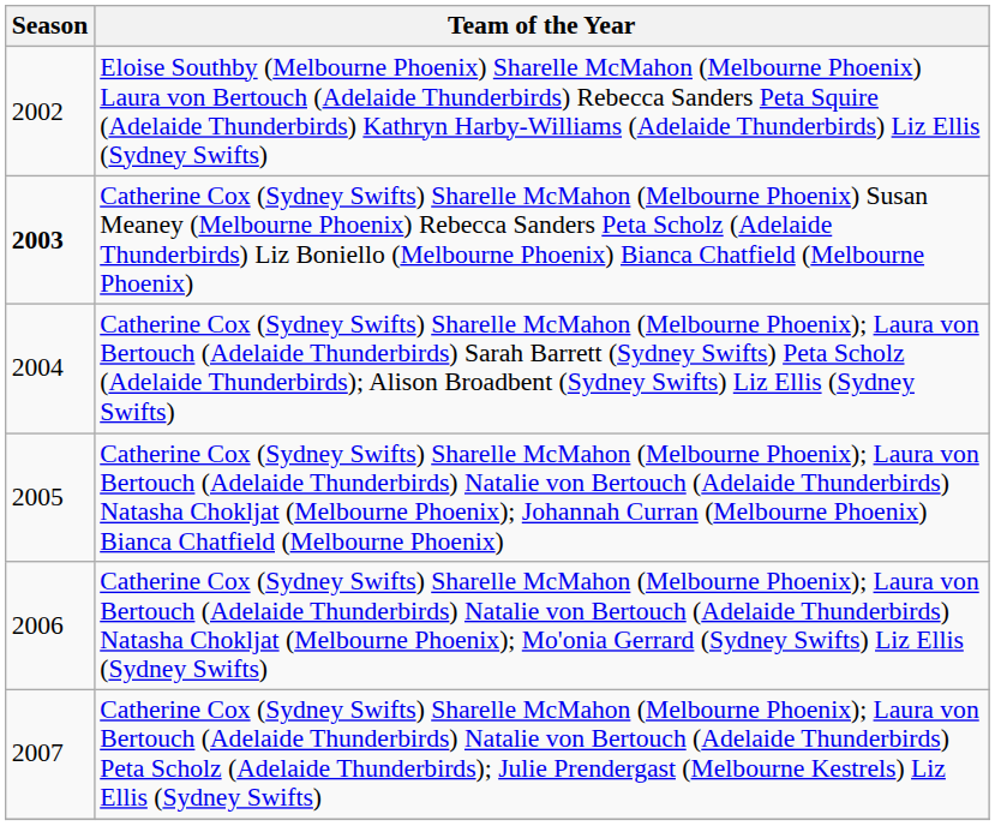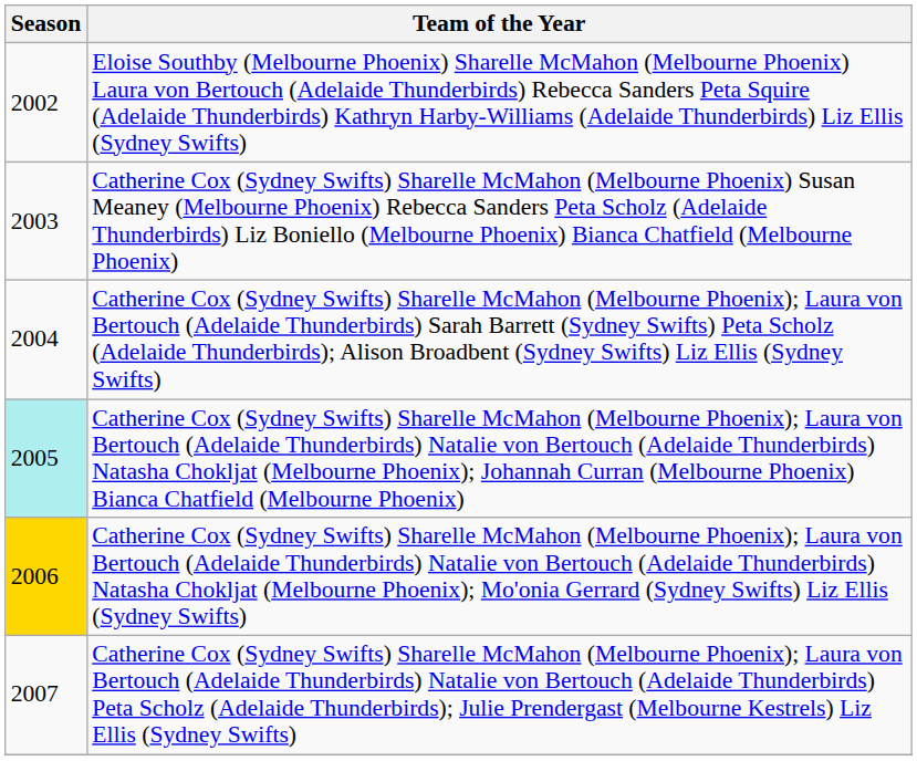 <table class="wikitable collapsible">
 <tr>
 <th>Season</th>
 <th>Team of the Year</th>
 </tr>
 <tr>
 <td>2002</td>
 <td> <a href='#'>Eloise Southby</a> (<a href='#'>Melbourne Phoenix</a>)  <a href='#'>Sharelle McMahon</a> (<a href='#'>Melbourne Phoenix</a>)  <a href='#'>Laura von Bertouch</a> (<a href='#'>Adelaide Thunderbirds</a>)  Rebecca Sanders  <a href='#'>Peta Squire</a> (<a href='#'>Adelaide Thunderbirds</a>)  <a href='#'>Kathryn Harby-Williams</a> (<a href='#'>Adelaide Thunderbirds</a>)  <a href='#'>Liz Ellis</a> (<a href='#'>Sydney Swifts</a>)</td>
 </tr>
 <tr>
-<td><strong>2003</strong></td>
+<td>2003</td>
 <td> <a href='#'>Catherine Cox</a> (<a href='#'>Sydney Swifts</a>)  <a href='#'>Sharelle McMahon</a> (<a href='#'>Melbourne Phoenix</a>)  Susan Meaney (<a href='#'>Melbourne Phoenix</a>)  Rebecca Sanders  <a href='#'>Peta Scholz</a> (<a href='#'>Adelaide Thunderbirds</a>)  Liz Boniello (<a href='#'>Melbourne Phoenix</a>)  <a href='#'>Bianca Chatfield</a> (<a href='#'>Melbourne Phoenix</a>)</td>
 </tr>
 <tr>
 <td>2004 </td>
 <td> <a href='#'>Catherine Cox</a> (<a href='#'>Sydney Swifts</a>)  <a href='#'>Sharelle McMahon</a> (<a href='#'>Melbourne Phoenix</a>);  <a href='#'>Laura von Bertouch</a> (<a href='#'>Adelaide Thunderbirds</a>)   Sarah Barrett (<a href='#'>Sydney Swifts</a>)  <a href='#'>Peta Scholz</a> (<a href='#'>Adelaide Thunderbirds</a>);   Alison Broadbent (<a href='#'>Sydney Swifts</a>)  <a href='#'>Liz Ellis</a> (<a href='#'>Sydney Swifts</a>)</td>
 </tr>
 <tr>
-<td>2005 </td>
+<td style="background: paleturquoise;">2005 </td>
 <td> <a href='#'>Catherine Cox</a> (<a href='#'>Sydney Swifts</a>)  <a href='#'>Sharelle McMahon</a> (<a href='#'>Melbourne Phoenix</a>);  <a href='#'>Laura von Bertouch</a> (<a href='#'>Adelaide Thunderbirds</a>)   <a href='#'>Natalie von Bertouch</a> (<a href='#'>Adelaide Thunderbirds</a>)  <a href='#'>Natasha Chokljat</a> (<a href='#'>Melbourne Phoenix</a>);   <a href='#'>Johannah Curran</a> (<a href='#'>Melbourne Phoenix</a>)  <a href='#'>Bianca Chatfield</a> (<a href='#'>Melbourne Phoenix</a>)</td>
 </tr>
 <tr>
-<td>2006 </td>
+<td style="background: gold;">2006 </td>
 <td> <a href='#'>Catherine Cox</a> (<a href='#'>Sydney Swifts</a>)  <a href='#'>Sharelle McMahon</a> (<a href='#'>Melbourne Phoenix</a>);  <a href='#'>Laura von Bertouch</a> (<a href='#'>Adelaide Thunderbirds</a>)   <a href='#'>Natalie von Bertouch</a> (<a href='#'>Adelaide Thunderbirds</a>)  <a href='#'>Natasha Chokljat</a>  (<a href='#'>Melbourne Phoenix</a>);   <a href='#'>Mo'onia Gerrard</a> (<a href='#'>Sydney Swifts</a>)  <a href='#'>Liz Ellis</a> (<a href='#'>Sydney Swifts</a>)</td>
 </tr>
 <tr>
 <td>2007 </td>
 <td> <a href='#'>Catherine Cox</a> (<a href='#'>Sydney Swifts</a>)  <a href='#'>Sharelle McMahon</a> (<a href='#'>Melbourne Phoenix</a>);  <a href='#'>Laura von Bertouch</a> (<a href='#'>Adelaide Thunderbirds</a>)   <a href='#'>Natalie von Bertouch</a>  (<a href='#'>Adelaide Thunderbirds</a>) <a href='#'>Peta Scholz</a> (<a href='#'>Adelaide Thunderbirds</a>);   <a href='#'>Julie Prendergast</a> (<a href='#'>Melbourne Kestrels</a>)  <a href='#'>Liz Ellis</a> (<a href='#'>Sydney Swifts</a>)</td>
 </tr>
 <tr>
 </tr>
 </table>
